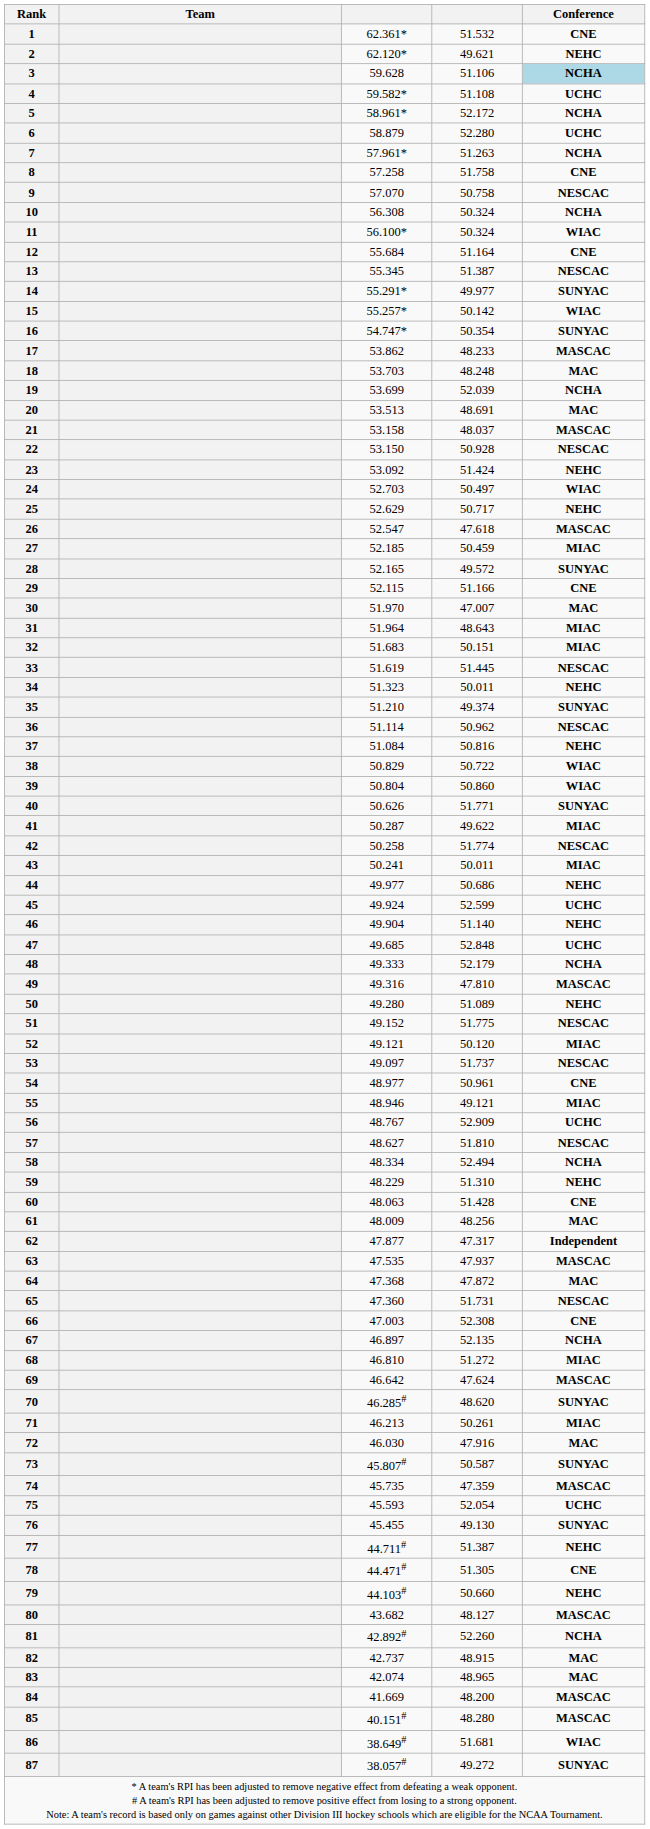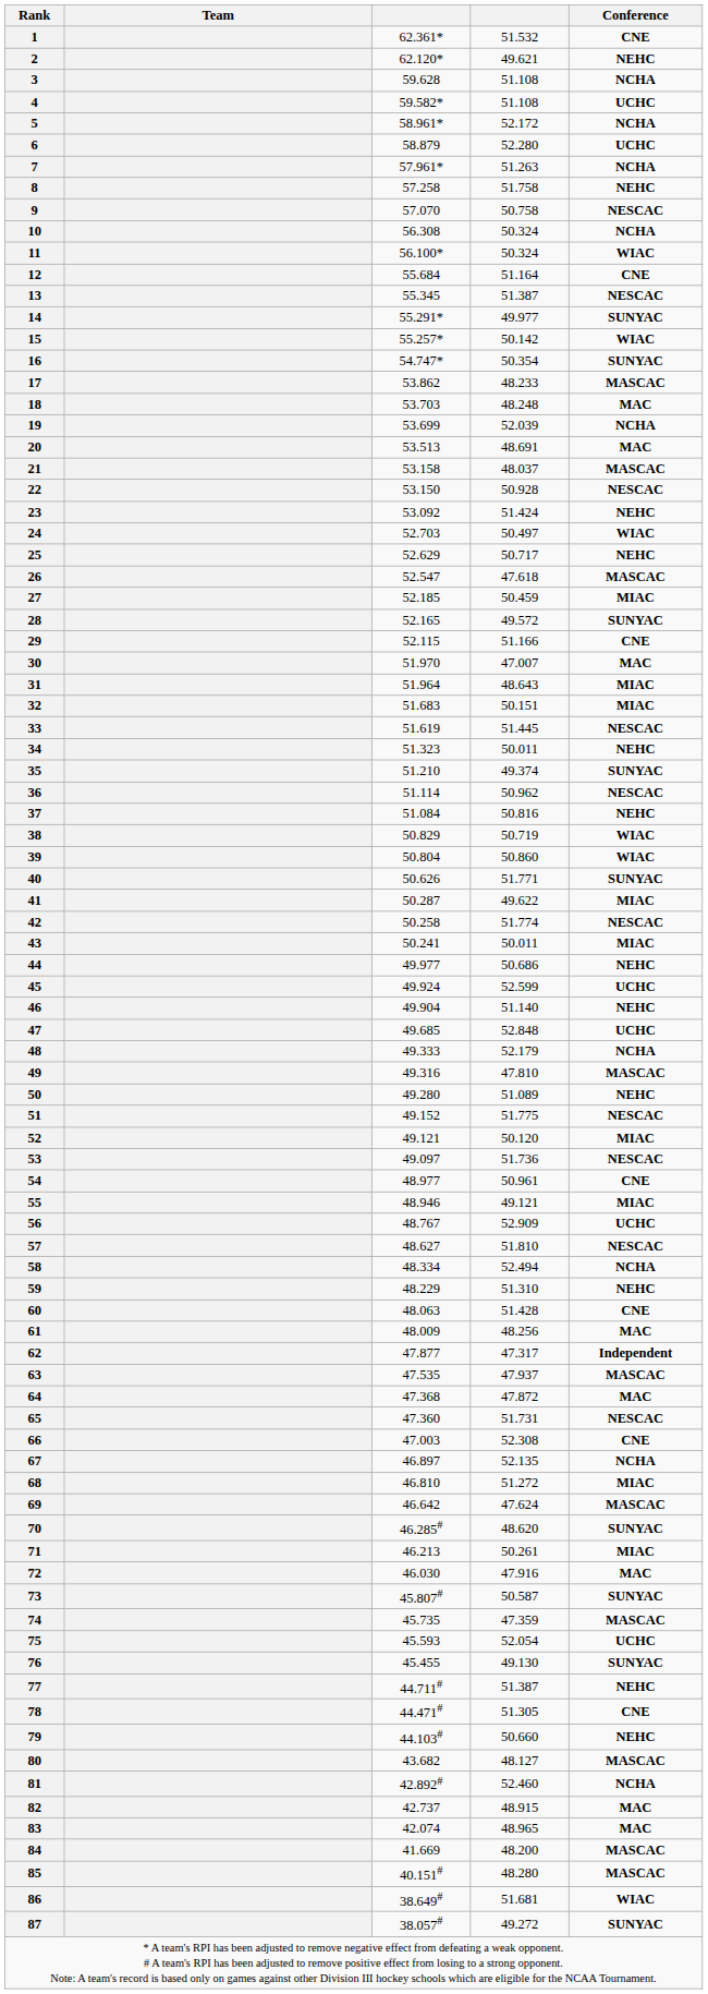 <table class="wikitable sortable" style="text-align: center;" width=65%>
 <tr>
 <th ! width="4%">Rank</th>
 <th ! width="25%">Team</th>
 <th ! width="8%"></th>
 <th ! width="8%"></th>
 <th ! width="10%">Conference</th>
 </tr>
 <tr>
 <th>1</th>
 <th align=center><strong><a href='#'></a></strong></th>
 <td>62.361*</td>
 <td>51.532</td>
 <td><strong>CNE</strong></td>
 </tr>
 <tr>
 <th>2</th>
 <th align=center><strong><a href='#'></a></strong></th>
 <td>62.120*</td>
 <td>49.621</td>
 <td><strong>NEHC</strong></td>
 </tr>
 <tr>
 <th>3</th>
 <th align=center><strong><a href='#'></a></strong></th>
 <td>59.628</td>
-<td>51.106</td>
-<td style="background: lightblue;"><strong>NCHA</strong></td>
+<td>51.108</td>
+<td><strong>NCHA</strong></td>
 </tr>
 <tr>
 <th>4</th>
 <th align=center><strong><a href='#'></a></strong></th>
 <td>59.582*</td>
 <td>51.108</td>
 <td><strong>UCHC</strong></td>
 </tr>
 <tr>
 <th>5</th>
 <th align=center><strong><a href='#'></a></strong></th>
 <td>58.961*</td>
 <td>52.172</td>
 <td><strong>NCHA</strong></td>
 </tr>
 <tr>
 <th>6</th>
 <th align=center><strong><a href='#'></a></strong></th>
 <td>58.879</td>
 <td>52.280</td>
 <td><strong>UCHC</strong></td>
 </tr>
 <tr>
 <th>7</th>
 <th align=center><strong><a href='#'></a></strong></th>
 <td>57.961*</td>
 <td>51.263</td>
 <td><strong>NCHA</strong></td>
 </tr>
 <tr>
 <th>8</th>
 <th align=center><strong><a href='#'></a></strong></th>
 <td>57.258</td>
 <td>51.758</td>
-<td><strong>CNE</strong></td>
+<td><strong>NEHC</strong></td>
 </tr>
 <tr>
 <th>9</th>
 <th align=center><strong><a href='#'></a></strong></th>
 <td>57.070</td>
 <td>50.758</td>
 <td><strong>NESCAC</strong></td>
 </tr>
 <tr>
 <th>10</th>
 <th align=center><strong><a href='#'></a></strong></th>
 <td>56.308</td>
 <td>50.324</td>
 <td><strong>NCHA</strong></td>
 </tr>
 <tr>
 <th>11</th>
 <th align=center><strong><a href='#'></a></strong></th>
 <td>56.100*</td>
 <td>50.324</td>
 <td><strong>WIAC</strong></td>
 </tr>
 <tr>
 <th>12</th>
 <th align=center><strong><a href='#'></a></strong></th>
 <td>55.684</td>
 <td>51.164</td>
 <td><strong>CNE</strong></td>
 </tr>
 <tr>
 <th>13</th>
 <th align=center><strong><a href='#'></a></strong></th>
 <td>55.345</td>
 <td>51.387</td>
 <td><strong>NESCAC</strong></td>
 </tr>
 <tr>
 <th>14</th>
 <th align=center><strong><a href='#'></a></strong></th>
 <td>55.291*</td>
 <td>49.977</td>
 <td><strong>SUNYAC</strong></td>
 </tr>
 <tr>
 <th>15</th>
 <th align=center><strong><a href='#'></a></strong></th>
 <td>55.257*</td>
 <td>50.142</td>
 <td><strong>WIAC</strong></td>
 </tr>
 <tr>
 <th>16</th>
 <th align=center><strong><a href='#'></a></strong></th>
 <td>54.747*</td>
 <td>50.354</td>
 <td><strong>SUNYAC</strong></td>
 </tr>
 <tr>
 <th>17</th>
 <th align=center><strong><a href='#'></a></strong></th>
 <td>53.862</td>
 <td>48.233</td>
 <td><strong>MASCAC</strong></td>
 </tr>
 <tr>
 <th>18</th>
 <th align=center><strong><a href='#'></a></strong></th>
 <td>53.703</td>
 <td>48.248</td>
 <td><strong>MAC</strong></td>
 </tr>
 <tr>
 <th>19</th>
 <th align=center><strong><a href='#'></a></strong></th>
 <td>53.699</td>
 <td>52.039</td>
 <td><strong>NCHA</strong></td>
 </tr>
 <tr>
 <th>20</th>
 <th align=center><strong><a href='#'></a></strong></th>
 <td>53.513</td>
 <td>48.691</td>
 <td><strong>MAC</strong></td>
 </tr>
 <tr>
 <th>21</th>
 <th align=center><strong><a href='#'></a></strong></th>
 <td>53.158</td>
 <td>48.037</td>
 <td><strong>MASCAC</strong></td>
 </tr>
 <tr>
 <th>22</th>
 <th align=center><strong><a href='#'></a></strong></th>
 <td>53.150</td>
 <td>50.928</td>
 <td><strong>NESCAC</strong></td>
 </tr>
 <tr>
 <th>23</th>
 <th align=center><strong><a href='#'></a></strong></th>
 <td>53.092</td>
 <td>51.424</td>
 <td><strong>NEHC</strong></td>
 </tr>
 <tr>
 <th>24</th>
 <th align=center><strong><a href='#'></a></strong></th>
 <td>52.703</td>
 <td>50.497</td>
 <td><strong>WIAC</strong></td>
 </tr>
 <tr>
 <th>25</th>
 <th align=center><strong><a href='#'></a></strong></th>
 <td>52.629</td>
 <td>50.717</td>
 <td><strong>NEHC</strong></td>
 </tr>
 <tr>
 <th>26</th>
 <th align=center><strong><a href='#'></a></strong></th>
 <td>52.547</td>
 <td>47.618</td>
 <td><strong>MASCAC</strong></td>
 </tr>
 <tr>
 <th>27</th>
 <th align=center><strong><a href='#'></a></strong></th>
 <td>52.185</td>
 <td>50.459</td>
 <td><strong>MIAC</strong></td>
 </tr>
 <tr>
 <th>28</th>
 <th align=center><strong><a href='#'></a></strong></th>
 <td>52.165</td>
 <td>49.572</td>
 <td><strong>SUNYAC</strong></td>
 </tr>
 <tr>
 <th>29</th>
 <th align=center><strong><a href='#'></a></strong></th>
 <td>52.115</td>
 <td>51.166</td>
 <td><strong>CNE</strong></td>
 </tr>
 <tr>
 <th>30</th>
 <th align=center><strong><a href='#'></a></strong></th>
 <td>51.970</td>
 <td>47.007</td>
 <td><strong>MAC</strong></td>
 </tr>
 <tr>
 <th>31</th>
 <th align=center><strong><a href='#'></a></strong></th>
 <td>51.964</td>
 <td>48.643</td>
 <td><strong>MIAC</strong></td>
 </tr>
 <tr>
 <th>32</th>
 <th align=center><strong><a href='#'></a></strong></th>
 <td>51.683</td>
 <td>50.151</td>
 <td><strong>MIAC</strong></td>
 </tr>
 <tr>
 <th>33</th>
 <th align=center><strong><a href='#'></a></strong></th>
 <td>51.619</td>
 <td>51.445</td>
 <td><strong>NESCAC</strong></td>
 </tr>
 <tr>
 <th>34</th>
 <th align=center><strong><a href='#'></a></strong></th>
 <td>51.323</td>
 <td>50.011</td>
 <td><strong>NEHC</strong></td>
 </tr>
 <tr>
 <th>35</th>
 <th align=center><strong><a href='#'></a></strong></th>
 <td>51.210</td>
 <td>49.374</td>
 <td><strong>SUNYAC</strong></td>
 </tr>
 <tr>
 <th>36</th>
 <th align=center><strong><a href='#'></a></strong></th>
 <td>51.114</td>
 <td>50.962</td>
 <td><strong>NESCAC</strong></td>
 </tr>
 <tr>
 <th>37</th>
 <th align=center><strong><a href='#'></a></strong></th>
 <td>51.084</td>
 <td>50.816</td>
 <td><strong>NEHC</strong></td>
 </tr>
 <tr>
 <th>38</th>
 <th align=center><strong><a href='#'></a></strong></th>
 <td>50.829</td>
-<td>50.722</td>
+<td>50.719</td>
 <td><strong>WIAC</strong></td>
 </tr>
 <tr>
 <th>39</th>
 <th align=center><strong><a href='#'></a></strong></th>
 <td>50.804</td>
 <td>50.860</td>
 <td><strong>WIAC</strong></td>
 </tr>
 <tr>
 <th>40</th>
 <th align=center><strong><a href='#'></a></strong></th>
 <td>50.626</td>
 <td>51.771</td>
 <td><strong>SUNYAC</strong></td>
 </tr>
 <tr>
 <th>41</th>
 <th align=center><strong><a href='#'></a></strong></th>
 <td>50.287</td>
 <td>49.622</td>
 <td><strong>MIAC</strong></td>
 </tr>
 <tr>
 <th>42</th>
 <th align=center><strong><a href='#'></a></strong></th>
 <td>50.258</td>
 <td>51.774</td>
 <td><strong>NESCAC</strong></td>
 </tr>
 <tr>
 <th>43</th>
 <th align=center><strong><a href='#'></a></strong></th>
 <td>50.241</td>
 <td>50.011</td>
 <td><strong>MIAC</strong></td>
 </tr>
 <tr>
 <th>44</th>
 <th align=center><strong><a href='#'></a></strong></th>
 <td>49.977</td>
 <td>50.686</td>
 <td><strong>NEHC</strong></td>
 </tr>
 <tr>
 <th>45</th>
 <th align=center><strong><a href='#'></a></strong></th>
 <td>49.924</td>
 <td>52.599</td>
 <td><strong>UCHC</strong></td>
 </tr>
 <tr>
 <th>46</th>
 <th align=center><strong><a href='#'></a></strong></th>
 <td>49.904</td>
 <td>51.140</td>
 <td><strong>NEHC</strong></td>
 </tr>
 <tr>
 <th>47</th>
 <th align=center><strong><a href='#'></a></strong></th>
 <td>49.685</td>
 <td>52.848</td>
 <td><strong>UCHC</strong></td>
 </tr>
 <tr>
 <th>48</th>
 <th align=center><strong><a href='#'></a></strong></th>
 <td>49.333</td>
 <td>52.179</td>
 <td><strong>NCHA</strong></td>
 </tr>
 <tr>
 <th>49</th>
 <th align=center><strong><a href='#'></a></strong></th>
 <td>49.316</td>
 <td>47.810</td>
 <td><strong>MASCAC</strong></td>
 </tr>
 <tr>
 <th>50</th>
 <th align=center><strong><a href='#'></a></strong></th>
 <td>49.280</td>
 <td>51.089</td>
 <td><strong>NEHC</strong></td>
 </tr>
 <tr>
 <th>51</th>
 <th align=center><strong><a href='#'></a></strong></th>
 <td>49.152</td>
 <td>51.775</td>
 <td><strong>NESCAC</strong></td>
 </tr>
 <tr>
 <th>52</th>
 <th align=center><strong><a href='#'></a></strong></th>
 <td>49.121</td>
 <td>50.120</td>
 <td><strong>MIAC</strong></td>
 </tr>
 <tr>
 <th>53</th>
 <th align=center><strong><a href='#'></a></strong></th>
 <td>49.097</td>
-<td>51.737</td>
+<td>51.736</td>
 <td><strong>NESCAC</strong></td>
 </tr>
 <tr>
 <th>54</th>
 <th align=center><strong><a href='#'></a></strong></th>
 <td>48.977</td>
 <td>50.961</td>
 <td><strong>CNE</strong></td>
 </tr>
 <tr>
 <th>55</th>
 <th align=center><strong><a href='#'></a></strong></th>
 <td>48.946</td>
 <td>49.121</td>
 <td><strong>MIAC</strong></td>
 </tr>
 <tr>
 <th>56</th>
 <th align=center><strong><a href='#'></a></strong></th>
 <td>48.767</td>
 <td>52.909</td>
 <td><strong>UCHC</strong></td>
 </tr>
 <tr>
 <th>57</th>
 <th align=center><strong><a href='#'></a></strong></th>
 <td>48.627</td>
 <td>51.810</td>
 <td><strong>NESCAC</strong></td>
 </tr>
 <tr>
 <th>58</th>
 <th align=center><strong><a href='#'></a></strong></th>
 <td>48.334</td>
 <td>52.494</td>
 <td><strong>NCHA</strong></td>
 </tr>
 <tr>
 <th>59</th>
 <th align=center><strong><a href='#'></a></strong></th>
 <td>48.229</td>
 <td>51.310</td>
 <td><strong>NEHC</strong></td>
 </tr>
 <tr>
 <th>60</th>
 <th align=center><strong><a href='#'></a></strong></th>
 <td>48.063</td>
 <td>51.428</td>
 <td><strong>CNE</strong></td>
 </tr>
 <tr>
 <th>61</th>
 <th align=center><strong><a href='#'></a></strong></th>
 <td>48.009</td>
 <td>48.256</td>
 <td><strong>MAC</strong></td>
 </tr>
 <tr>
 <th>62</th>
 <th align=center><strong><a href='#'></a></strong></th>
 <td>47.877</td>
 <td>47.317</td>
 <td><strong>Independent</strong></td>
 </tr>
 <tr>
 <th>63</th>
 <th align=center><strong><a href='#'></a></strong></th>
 <td>47.535</td>
 <td>47.937</td>
 <td><strong>MASCAC</strong></td>
 </tr>
 <tr>
 <th>64</th>
 <th align=center><strong><a href='#'></a></strong></th>
 <td>47.368</td>
 <td>47.872</td>
 <td><strong>MAC</strong></td>
 </tr>
 <tr>
 <th>65</th>
 <th align=center><strong><a href='#'></a></strong></th>
 <td>47.360</td>
 <td>51.731</td>
 <td><strong>NESCAC</strong></td>
 </tr>
 <tr>
 <th>66</th>
 <th align=center><strong><a href='#'></a></strong></th>
 <td>47.003</td>
 <td>52.308</td>
 <td><strong>CNE</strong></td>
 </tr>
 <tr>
 <th>67</th>
 <th align=center><strong><a href='#'></a></strong></th>
 <td>46.897</td>
 <td>52.135</td>
 <td><strong>NCHA</strong></td>
 </tr>
 <tr>
 <th>68</th>
 <th align=center><strong><a href='#'></a></strong></th>
 <td>46.810</td>
 <td>51.272</td>
 <td><strong>MIAC</strong></td>
 </tr>
 <tr>
 <th>69</th>
 <th align=center><strong><a href='#'></a></strong></th>
 <td>46.642</td>
 <td>47.624</td>
 <td><strong>MASCAC</strong></td>
 </tr>
 <tr>
 <th>70</th>
 <th align=center><strong><a href='#'></a></strong></th>
 <td>46.285<sup>#</sup></td>
 <td>48.620</td>
 <td><strong>SUNYAC</strong></td>
 </tr>
 <tr>
 <th>71</th>
 <th align=center><strong><a href='#'></a></strong></th>
 <td>46.213</td>
 <td>50.261</td>
 <td><strong>MIAC</strong></td>
 </tr>
 <tr>
 <th>72</th>
 <th align=center><strong><a href='#'></a></strong></th>
 <td>46.030</td>
 <td>47.916</td>
 <td><strong>MAC</strong></td>
 </tr>
 <tr>
 <th>73</th>
 <th align=center><strong><a href='#'></a></strong></th>
 <td>45.807<sup>#</sup></td>
 <td>50.587</td>
 <td><strong>SUNYAC</strong></td>
 </tr>
 <tr>
 <th>74</th>
 <th align=center><strong><a href='#'></a></strong></th>
 <td>45.735</td>
 <td>47.359</td>
 <td><strong>MASCAC</strong></td>
 </tr>
 <tr>
 <th>75</th>
 <th align=center><strong><a href='#'></a></strong></th>
 <td>45.593</td>
 <td>52.054</td>
 <td><strong>UCHC</strong></td>
 </tr>
 <tr>
 <th>76</th>
 <th align=center><strong><a href='#'></a></strong></th>
 <td>45.455</td>
 <td>49.130</td>
 <td><strong>SUNYAC</strong></td>
 </tr>
 <tr>
 <th>77</th>
 <th align=center><strong><a href='#'></a></strong></th>
 <td>44.711<sup>#</sup></td>
 <td>51.387</td>
 <td><strong>NEHC</strong></td>
 </tr>
 <tr>
 <th>78</th>
 <th align=center><strong><a href='#'></a></strong></th>
 <td>44.471<sup>#</sup></td>
 <td>51.305</td>
 <td><strong>CNE</strong></td>
 </tr>
 <tr>
 <th>79</th>
 <th align=center><strong><a href='#'></a></strong></th>
 <td>44.103<sup>#</sup></td>
 <td>50.660</td>
 <td><strong>NEHC</strong></td>
 </tr>
 <tr>
 <th>80</th>
 <th align=center><strong><a href='#'></a></strong></th>
 <td>43.682</td>
 <td>48.127</td>
 <td><strong>MASCAC</strong></td>
 </tr>
 <tr>
 <th>81</th>
 <th align=center><strong><a href='#'></a></strong></th>
 <td>42.892<sup>#</sup></td>
-<td>52.260</td>
+<td>52.460</td>
 <td><strong>NCHA</strong></td>
 </tr>
 <tr>
 <th>82</th>
 <th align=center><strong><a href='#'></a></strong></th>
 <td>42.737</td>
 <td>48.915</td>
 <td><strong>MAC</strong></td>
 </tr>
 <tr>
 <th>83</th>
 <th align=center><strong><a href='#'></a></strong></th>
 <td>42.074</td>
 <td>48.965</td>
 <td><strong>MAC</strong></td>
 </tr>
 <tr>
 <th>84</th>
 <th align=center><strong><a href='#'></a></strong></th>
 <td>41.669</td>
 <td>48.200</td>
 <td><strong>MASCAC</strong></td>
 </tr>
 <tr>
 <th>85</th>
 <th align=center><strong><a href='#'></a></strong></th>
 <td>40.151<sup>#</sup></td>
 <td>48.280</td>
 <td><strong>MASCAC</strong></td>
 </tr>
 <tr>
 <th>86</th>
 <th align=center><strong><a href='#'></a></strong></th>
 <td>38.649<sup>#</sup></td>
 <td>51.681</td>
 <td><strong>WIAC</strong></td>
 </tr>
 <tr>
 <th>87</th>
 <th align=center><strong><a href='#'></a></strong></th>
 <td>38.057<sup>#</sup></td>
 <td>49.272</td>
 <td><strong>SUNYAC</strong></td>
 </tr>
 <tr class="sortbottom">
 <td colspan=5 style="text-align:center;"><small> * A team's RPI has been adjusted to remove negative effect from defeating a weak opponent.<br> # A team's RPI has been adjusted to remove positive effect from losing to a strong opponent.<br> Note: A team's record is based only on games against other Division III hockey schools which are eligible for the NCAA Tournament.</small></td>
 </tr>
 </table>
